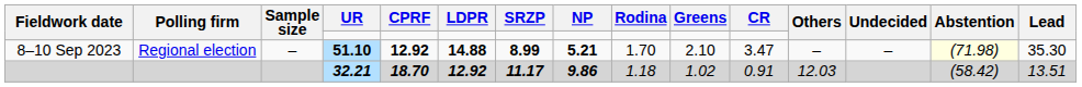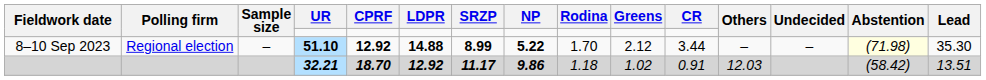 <table class=wikitable style="font-size:95%; line-height:14px; text-align:center">
 <tr>
 <th style=width:120px; rowspan=2>Fieldwork date</th>
 <th style=width:120px; rowspan=2>Polling firm</th>
 <th style=width:50px; rowspan=2>Sample<br>size</th>
 <th style="width:50px;"><a href='#'>UR</a></th>
 <th style="width:50px;"><a href='#'>CPRF</a></th>
 <th style="width:50px;"><a href='#'>LDPR</a></th>
 <th style="width:50px;"><a href='#'>SRZP</a></th>
 <th style="width:50px;"><a href='#'>NP</a></th>
 <th style="width:50px;"><a href='#'>Rodina</a></th>
 <th style="width:50px;"><a href='#'>Greens</a></th>
 <th style="width:50px;"><a href='#'>CR</a></th>
 <th style="width:50px;" rowspan=2>Others</th>
 <th style="width:50px;" rowspan=2>Undecided</th>
 <th style="width:50px;" rowspan=2>Abstention</th>
 <th style="width:50px;" rowspan="2">Lead</th>
 </tr>
 <tr>
 <td bgcolor=></td>
 <td bgcolor=></td>
 <td bgcolor=></td>
 <td bgcolor=></td>
 <td bgcolor=></td>
 <td bgcolor=></td>
 <td bgcolor=></td>
 <td bgcolor=></td>
 </tr>
 <tr>
 <td>8–10 Sep 2023</td>
 <td><a href='#'>Regional election</a></td>
 <td>–</td>
 <td style="background:#B3E0FF"><strong>51.10</strong></td>
 <td><strong>12.92</strong></td>
 <td><strong>14.88</strong></td>
 <td><strong>8.99</strong></td>
-<td><strong>5.21</strong></td>
+<td><strong>5.22</strong></td>
 <td>1.70</td>
-<td>2.10</td>
-<td>3.47</td>
+<td>2.12</td>
+<td>3.44</td>
 <td>–</td>
 <td>–</td>
 <td style="background: lightyellow;"><em>(71.98)</em></td>
 <td style="background:">35.30</td>
 </tr>
 <tr style="background:#D5D5D5">
 <td></td>
 <td></td>
 <td></td>
 <td style="background:#B3E0FF"><strong><em>32.21</em></strong></td>
 <td><strong><em>18.70</em></strong></td>
 <td><strong><em>12.92</em></strong></td>
 <td><strong><em>11.17</em></strong></td>
 <td><strong><em>9.86</em></strong></td>
 <td><em>1.18</em></td>
 <td><em>1.02</em></td>
 <td><em>0.91</em></td>
 <td><em>12.03</em></td>
 <td></td>
 <td><em>(58.42)</em></td>
 <td style="background:"><em>13.51</em></td>
 </tr>
 </table>
